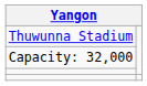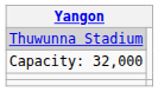 <table class="wikitable" style="text-align:center;margin:1em auto;">
 <tr>
 <th colspan=2><a href='#'>Yangon</a></th>
 </tr>
 <tr>
-<td><a href='#'>Thuwunna Stadium</a></td>
+<td style="background: lightgrey;"><a href='#'>Thuwunna Stadium</a></td>
 <td rowspan=3></td>
 </tr>
 <tr>
 <td>Capacity: 32,000</td>
 </tr>
 <tr>
 <td></td>
 </tr>
 <tr>
 <td></td>
 <td></td>
 </tr>
 </table>
